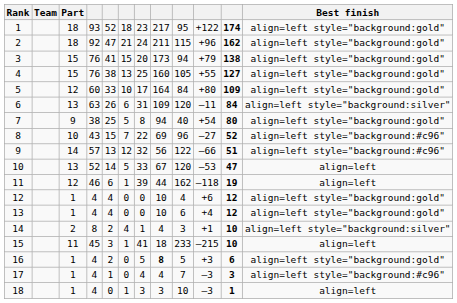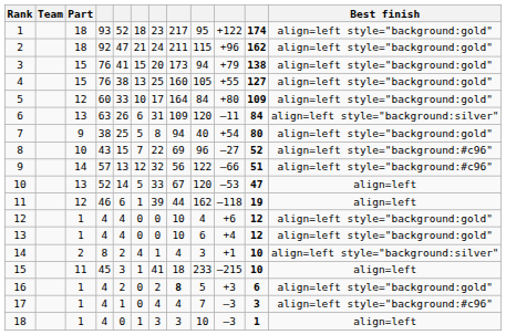 <table class="wikitable sortable" style="text-align:center">
 <tr>
 <th>Rank</th>
 <th>Team</th>
 <th>Part</th>
 <th></th>
 <th></th>
 <th></th>
 <th></th>
 <th></th>
 <th></th>
 <th></th>
 <th></th>
 <th>Best finish</th>
 </tr>
 <tr>
 <td>1</td>
 <td style="text-align:left;"></td>
 <td>18</td>
 <td>93</td>
 <td>52</td>
 <td>18</td>
 <td>23</td>
 <td>217</td>
 <td>95</td>
 <td>+122</td>
 <td><strong>174</strong></td>
 <td>align=left style="background:gold"  </td>
 </tr>
 <tr>
 <td>2</td>
 <td style="text-align:left;"></td>
 <td>18</td>
 <td>92</td>
 <td>47</td>
 <td>21</td>
 <td>24</td>
 <td>211</td>
 <td>115</td>
 <td>+96</td>
 <td><strong>162</strong></td>
 <td>align=left style="background:gold"  </td>
 </tr>
 <tr>
 <td>3</td>
 <td style="text-align:left;"></td>
 <td>15</td>
 <td>76</td>
 <td>41</td>
 <td>15</td>
 <td>20</td>
 <td>173</td>
 <td>94</td>
 <td>+79</td>
 <td><strong>138</strong></td>
 <td>align=left style="background:gold"  </td>
 </tr>
 <tr>
 <td>4</td>
 <td style="text-align:left;"></td>
 <td>15</td>
 <td>76</td>
 <td>38</td>
 <td>13</td>
 <td>25</td>
 <td>160</td>
 <td>105</td>
 <td>+55</td>
 <td><strong>127</strong></td>
 <td>align=left style="background:gold"  </td>
 </tr>
 <tr>
 <td>5</td>
 <td style="text-align:left;"></td>
 <td>12</td>
 <td>60</td>
 <td>33</td>
 <td>10</td>
 <td>17</td>
 <td>164</td>
 <td>84</td>
 <td>+80</td>
 <td><strong>109</strong></td>
 <td>align=left style="background:gold"  </td>
 </tr>
 <tr>
 <td>6</td>
 <td style="text-align:left;"></td>
 <td>13</td>
 <td>63</td>
 <td>26</td>
 <td>6</td>
 <td>31</td>
 <td>109</td>
 <td>120</td>
 <td>–11</td>
 <td><strong>84</strong></td>
 <td>align=left style="background:silver"  </td>
 </tr>
 <tr>
 <td>7</td>
 <td style="text-align:left;"></td>
 <td>9</td>
 <td>38</td>
 <td>25</td>
 <td>5</td>
 <td>8</td>
 <td>94</td>
 <td>40</td>
 <td>+54</td>
 <td><strong>80</strong></td>
 <td>align=left style="background:gold"  </td>
 </tr>
 <tr>
 <td>8</td>
 <td style="text-align:left;"></td>
 <td>10</td>
 <td>43</td>
 <td>15</td>
 <td>7</td>
 <td>22</td>
 <td>69</td>
 <td>96</td>
 <td>–27</td>
 <td><strong>52</strong></td>
 <td>align=left style="background:#c96"  </td>
 </tr>
 <tr>
 <td>9</td>
 <td style="text-align:left;"></td>
 <td>14</td>
 <td>57</td>
 <td>13</td>
 <td>12</td>
 <td>32</td>
 <td>56</td>
 <td>122</td>
 <td>–66</td>
 <td><strong>51</strong></td>
 <td>align=left style="background:#c96"  </td>
 </tr>
 <tr>
 <td>10</td>
 <td style="text-align:left;"></td>
 <td>13</td>
 <td>52</td>
 <td>14</td>
 <td>5</td>
 <td>33</td>
 <td>67</td>
 <td>120</td>
 <td>–53</td>
 <td><strong>47</strong></td>
 <td>align=left  </td>
 </tr>
 <tr>
 <td>11</td>
 <td style="text-align:left;"></td>
 <td>12</td>
 <td>46</td>
 <td>6</td>
 <td>1</td>
 <td>39</td>
 <td>44</td>
 <td>162</td>
 <td>–118</td>
 <td><strong>19</strong></td>
 <td>align=left  </td>
 </tr>
 <tr>
 <td>12</td>
 <td style="text-align:left;"></td>
 <td>1</td>
 <td>4</td>
 <td>4</td>
 <td>0</td>
 <td>0</td>
 <td>10</td>
 <td>4</td>
 <td>+6</td>
 <td><strong>12</strong></td>
 <td>align=left style="background:gold"  </td>
 </tr>
 <tr>
 <td>13</td>
 <td style="text-align:left;"></td>
 <td>1</td>
 <td>4</td>
 <td>4</td>
 <td>0</td>
 <td>0</td>
 <td>10</td>
 <td>6</td>
 <td>+4</td>
 <td><strong>12</strong></td>
 <td>align=left style="background:gold"  </td>
 </tr>
 <tr>
 <td>14</td>
 <td style="text-align:left;"></td>
 <td>2</td>
 <td>8</td>
 <td>2</td>
 <td>4</td>
 <td>1</td>
 <td>4</td>
 <td>3</td>
 <td>+1</td>
 <td><strong>10</strong></td>
 <td>align=left style="background:silver"  </td>
 </tr>
 <tr>
 <td>15</td>
 <td style="text-align:left;"></td>
 <td>11</td>
 <td>45</td>
 <td>3</td>
 <td>1</td>
 <td>41</td>
 <td>18</td>
 <td>233</td>
 <td>–215</td>
 <td><strong>10</strong></td>
 <td>align=left  </td>
 </tr>
 <tr>
 <td>16</td>
 <td style="text-align:left;"></td>
 <td>1</td>
 <td>4</td>
 <td>2</td>
 <td>0</td>
-<td>5</td>
+<td>2</td>
 <td><strong>8</strong></td>
 <td>5</td>
 <td>+3</td>
 <td><strong>6</strong></td>
 <td>align=left style="background:gold"  </td>
 </tr>
 <tr>
 <td>17</td>
 <td style="text-align:left;"></td>
 <td>1</td>
 <td>4</td>
 <td>1</td>
 <td>0</td>
 <td>4</td>
 <td>4</td>
 <td>7</td>
 <td>–3</td>
 <td><strong>3</strong></td>
 <td>align=left style="background:#c96"  </td>
 </tr>
 <tr>
 <td>18</td>
 <td style="text-align:left;"></td>
 <td>1</td>
 <td>4</td>
 <td>0</td>
 <td>1</td>
 <td>3</td>
 <td>3</td>
 <td>10</td>
 <td>–3</td>
 <td><strong>1</strong></td>
 <td>align=left  </td>
 </tr>
 </table>
